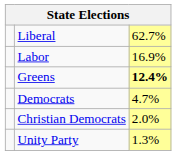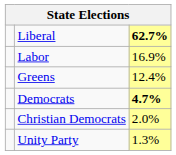 <table class="wikitable" style="float:right; margin-left:1em">
 <tr>
 <th colspan=3>State Elections</th>
 </tr>
 <tr>
 <td> </td>
 <td><a href='#'>Liberal</a></td>
-<td bgcolor="FFFF99">62.7%</td>
+<td bgcolor="FFFF99"><strong>62.7%</strong></td>
 </tr>
 <tr>
 <td> </td>
 <td><a href='#'>Labor</a></td>
 <td bgcolor="FFFF99">16.9%</td>
 </tr>
 <tr>
 <td> </td>
 <td><a href='#'>Greens</a></td>
-<td bgcolor="FFFF99"><strong>12.4%</strong></td>
+<td bgcolor="FFFF99">12.4%</td>
 </tr>
 <tr>
 <td> </td>
 <td><a href='#'>Democrats</a></td>
-<td bgcolor="FFFF99">4.7%</td>
+<td bgcolor="FFFF99"><strong>4.7%</strong></td>
 </tr>
 <tr>
 <td> </td>
 <td><a href='#'>Christian Democrats</a></td>
 <td bgcolor="FFFF99">2.0%</td>
 </tr>
 <tr>
 <td> </td>
 <td><a href='#'>Unity Party</a></td>
 <td bgcolor="FFFF99">1.3%</td>
 </tr>
 </table>
